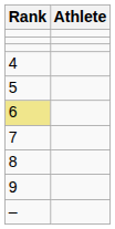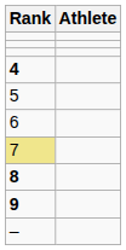 <table class="wikitable" style="text-align:left">
 <tr>
 <th>Rank</th>
 <th>Athlete</th>
 </tr>
 <tr>
 <td></td>
 <td align="left"></td>
 </tr>
 <tr>
 <td></td>
 <td align="left"></td>
 </tr>
 <tr>
 <td></td>
 <td align="left"></td>
 </tr>
 <tr>
-<td>4</td>
+<td><strong>4</strong></td>
 <td align="left"></td>
 </tr>
 <tr>
 <td>5</td>
 <td align="left"></td>
 </tr>
 <tr>
-<td style="background: khaki;">6</td>
+<td>6</td>
 <td align="left"></td>
 </tr>
 <tr>
-<td>7</td>
+<td style="background: khaki;">7</td>
 <td align="left"></td>
 </tr>
 <tr>
-<td>8</td>
+<td><strong>8</strong></td>
 <td align="left"></td>
 </tr>
 <tr>
-<td>9</td>
+<td><strong>9</strong></td>
 <td align="left"></td>
 </tr>
 <tr>
 <td>–</td>
 <td align="left"></td>
 </tr>
 </table>
